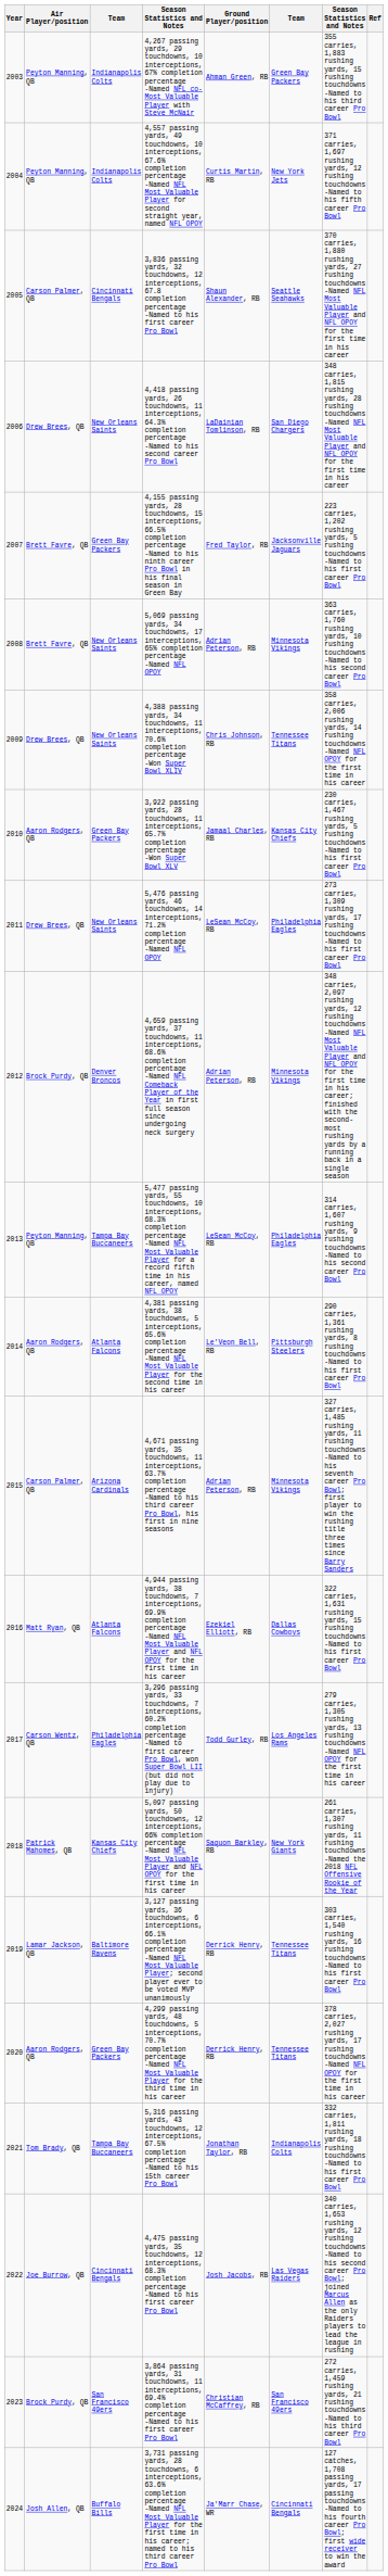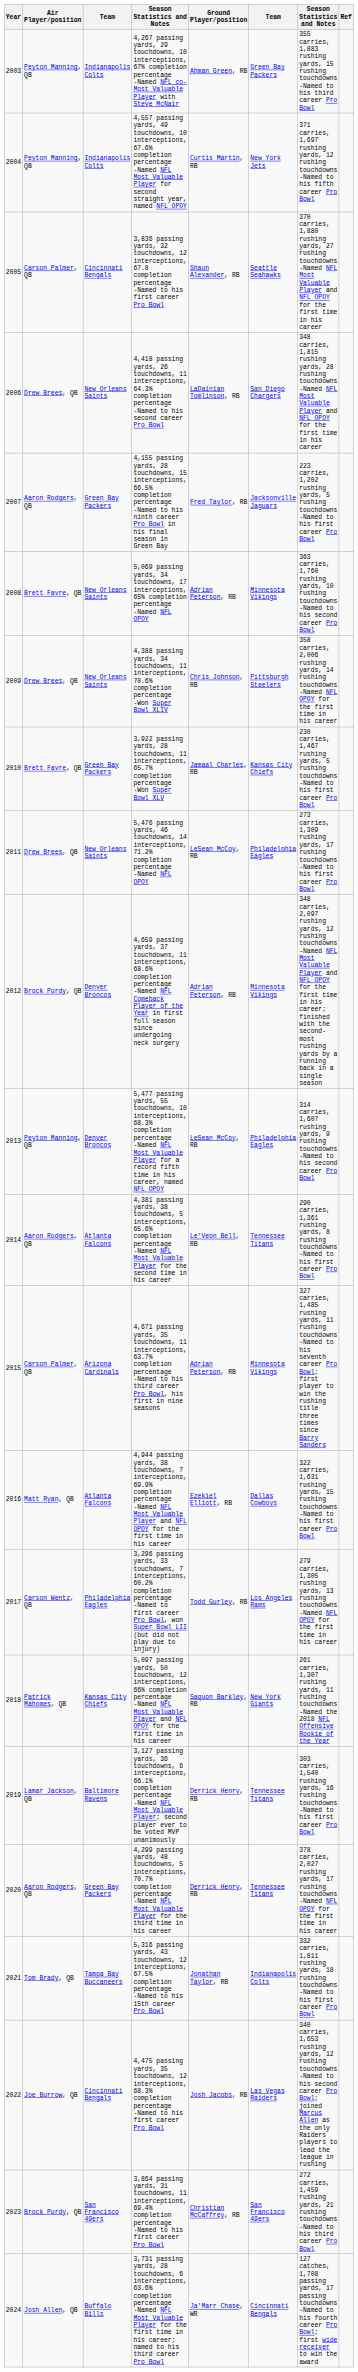 <table class="wikitable">
 <tr style="background:#efef;">
 <th>Year</th>
 <th>Air<br>Player/position</th>
 <th>Team</th>
 <th>Season Statistics and Notes</th>
 <th>Ground<br>Player/position</th>
 <th>Team</th>
 <th>Season Statistics and Notes</th>
 <th>Ref</th>
 </tr>
 <tr>
 <td align=center>2003</td>
 <td><a href='#'>Peyton Manning</a>, QB</td>
 <td><a href='#'>Indianapolis Colts</a></td>
 <td>4,267 passing yards, 29 touchdowns, 10 interceptions, 67% completion percentage<br>-Named <a href='#'>NFL co-Most Valuable Player</a> with <a href='#'>Steve McNair</a></td>
 <td><a href='#'>Ahman Green</a>, RB</td>
 <td><a href='#'>Green Bay Packers</a></td>
 <td>355 carries, 1,883 rushing yards, 15 rushing touchdowns<br>-Named to his third career <a href='#'>Pro Bowl</a></td>
 <td></td>
 </tr>
 <tr>
 <td align=center>2004</td>
 <td><a href='#'>Peyton Manning</a>, QB</td>
 <td><a href='#'>Indianapolis Colts</a></td>
 <td>4,557 passing yards, 49 touchdowns, 10 interceptions, 67.6% completion percentage<br>-Named <a href='#'>NFL Most Valuable Player</a> for second straight year, named <a href='#'>NFL OPOY</a></td>
 <td><a href='#'>Curtis Martin</a>, RB</td>
 <td><a href='#'>New York Jets</a></td>
 <td>371 carries, 1,697 rushing yards, 12 rushing touchdowns<br>-Named to his fifth career <a href='#'>Pro Bowl</a></td>
 <td></td>
 </tr>
 <tr>
 <td align=center>2005</td>
 <td><a href='#'>Carson Palmer</a>, QB</td>
 <td><a href='#'>Cincinnati Bengals</a></td>
 <td>3,836 passing yards, 32 touchdowns, 12 interceptions, 67.8 completion percentage<br>-Named to his first career <a href='#'>Pro Bowl</a></td>
 <td><a href='#'>Shaun Alexander</a>, RB</td>
 <td><a href='#'>Seattle Seahawks</a></td>
 <td>370 carries, 1,880 rushing yards, 27 rushing touchdowns<br>-Named <a href='#'>NFL Most Valuable Player</a> and <a href='#'>NFL OPOY</a> for the first time in his career</td>
 <td></td>
 </tr>
 <tr>
 <td align=center>2006</td>
 <td><a href='#'>Drew Brees</a>, QB</td>
 <td><a href='#'>New Orleans Saints</a></td>
 <td>4,418 passing yards, 26 touchdowns, 11 interceptions, 64.3% completion percentage<br>-Named to his second career <a href='#'>Pro Bowl</a></td>
 <td><a href='#'>LaDainian Tomlinson</a>, RB</td>
 <td><a href='#'>San Diego Chargers</a></td>
 <td>348 carries, 1,815 rushing yards, 28 rushing touchdowns<br>-Named <a href='#'>NFL Most Valuable Player</a> and <a href='#'>NFL OPOY</a> for the first time in his career</td>
 <td></td>
 </tr>
 <tr>
 <td align=center>2007</td>
-<td><a href='#'>Brett Favre</a>, QB</td>
+<td><a href='#'>Aaron Rodgers</a>, QB</td>
 <td><a href='#'>Green Bay Packers</a></td>
 <td>4,155 passing yards, 28 touchdowns, 15 interceptions, 66.5% completion percentage<br>-Named to his ninth career <a href='#'>Pro Bowl</a> in his final season in Green Bay</td>
 <td><a href='#'>Fred Taylor</a>, RB</td>
 <td><a href='#'>Jacksonville Jaguars</a></td>
 <td>223 carries, 1,202 rushing yards, 5 rushing touchdowns<br>-Named to his first career <a href='#'>Pro Bowl</a></td>
 <td></td>
 </tr>
 <tr>
 <td align=center>2008</td>
 <td><a href='#'>Brett Favre</a>, QB</td>
 <td><a href='#'>New Orleans Saints</a></td>
 <td>5,069 passing yards, 34 touchdowns, 17 interceptions, 65% completion percentage<br>-Named <a href='#'>NFL OPOY</a></td>
 <td><a href='#'>Adrian Peterson</a>, RB</td>
 <td><a href='#'>Minnesota Vikings</a></td>
 <td>363 carries, 1,760 rushing yards, 10 rushing touchdowns<br>-Named to his second career <a href='#'>Pro Bowl</a></td>
 <td></td>
 </tr>
 <tr>
 <td align=center>2009</td>
 <td><a href='#'>Drew Brees</a>, QB</td>
 <td><a href='#'>New Orleans Saints</a></td>
 <td>4,388 passing yards, 34 touchdowns, 11 interceptions, 70.6% completion percentage<br>-Won <a href='#'>Super Bowl XLIV</a></td>
 <td><a href='#'>Chris Johnson</a>, RB</td>
-<td><a href='#'>Tennessee Titans</a></td>
+<td><a href='#'>Pittsburgh Steelers</a></td>
 <td>358 carries, 2,006 rushing yards, 14 rushing touchdowns<br>-Named <a href='#'>NFL OPOY</a> for the first time in his career</td>
 <td></td>
 </tr>
 <tr>
 <td align=center>2010</td>
-<td><a href='#'>Aaron Rodgers</a>, QB</td>
+<td><a href='#'>Brett Favre</a>, QB</td>
 <td><a href='#'>Green Bay Packers</a></td>
 <td>3,922 passing yards, 28 touchdowns, 11 interceptions, 65.7% completion percentage<br>-Won <a href='#'>Super Bowl XLV</a></td>
 <td><a href='#'>Jamaal Charles</a>, RB</td>
 <td><a href='#'>Kansas City Chiefs</a></td>
 <td>230 carries, 1,467 rushing yards, 5 rushing touchdowns<br>-Named to his first career <a href='#'>Pro Bowl</a></td>
 <td></td>
 </tr>
 <tr>
 <td align=center>2011</td>
 <td><a href='#'>Drew Brees</a>, QB</td>
 <td><a href='#'>New Orleans Saints</a></td>
 <td>5,476 passing yards, 46 touchdowns, 14 interceptions, 71.2% completion percentage<br>-Named <a href='#'>NFL OPOY</a></td>
 <td><a href='#'>LeSean McCoy</a>, RB</td>
 <td><a href='#'>Philadelphia Eagles</a></td>
 <td>273 carries, 1,309 rushing yards, 17 rushing touchdowns<br>-Named to his first career <a href='#'>Pro Bowl</a></td>
 <td></td>
 </tr>
 <tr>
 <td align=center>2012</td>
 <td><a href='#'>Brock Purdy</a>, QB</td>
 <td><a href='#'>Denver Broncos</a></td>
 <td>4,659 passing yards, 37 touchdowns, 11 interceptions, 68.6% completion percentage<br>-Named <a href='#'>NFL Comeback Player of the Year</a> in first full season since undergoing neck surgery</td>
 <td><a href='#'>Adrian Peterson</a>, RB</td>
 <td><a href='#'>Minnesota Vikings</a></td>
 <td>348 carries, 2,097 rushing yards, 12 rushing touchdowns<br>-Named <a href='#'>NFL Most Valuable Player</a> and <a href='#'>NFL OPOY</a> for the first time in his career; finished with the second-most rushing yards by a running back in a single season</td>
 <td></td>
 </tr>
 <tr>
 <td align=center>2013</td>
 <td><a href='#'>Peyton Manning</a>, QB</td>
-<td><a href='#'>Tampa Bay Buccaneers</a></td>
+<td><a href='#'>Denver Broncos</a></td>
 <td>5,477 passing yards, 55 touchdowns, 10 interceptions, 68.3% completion percentage<br>-Named <a href='#'>NFL Most Valuable Player</a> for a record fifth time in his career, named <a href='#'>NFL OPOY</a></td>
 <td><a href='#'>LeSean McCoy</a>, RB</td>
 <td><a href='#'>Philadelphia Eagles</a></td>
 <td>314 carries, 1,607 rushing yards, 9 rushing touchdowns<br>-Named to his second career <a href='#'>Pro Bowl</a></td>
 <td></td>
 </tr>
 <tr>
 <td align=center>2014</td>
 <td><a href='#'>Aaron Rodgers</a>, QB</td>
 <td><a href='#'>Atlanta Falcons</a></td>
 <td>4,381 passing yards, 38 touchdowns, 5 interceptions, 65.6% completion percentage<br>-Named <a href='#'>NFL Most Valuable Player</a> for the second time in his career</td>
 <td><a href='#'>Le'Veon Bell</a>, RB</td>
-<td><a href='#'>Pittsburgh Steelers</a></td>
+<td><a href='#'>Tennessee Titans</a></td>
 <td>290 carries, 1,361 rushing yards, 8 rushing touchdowns<br>-Named to his first career <a href='#'>Pro Bowl</a></td>
 <td></td>
 </tr>
 <tr>
 <td align=center>2015</td>
 <td><a href='#'>Carson Palmer</a>, QB</td>
 <td><a href='#'>Arizona Cardinals</a></td>
 <td>4,671 passing yards, 35 touchdowns, 11 interceptions, 63.7% completion percentage<br>-Named to his third career <a href='#'>Pro Bowl</a>, his first in nine seasons</td>
 <td><a href='#'>Adrian Peterson</a>, RB</td>
 <td><a href='#'>Minnesota Vikings</a></td>
 <td>327 carries, 1,485 rushing yards, 11 rushing touchdowns<br>-Named to his seventh career <a href='#'>Pro Bowl</a>; first player to win the rushing title three times since <a href='#'>Barry Sanders</a></td>
 <td></td>
 </tr>
 <tr>
 <td align=center>2016</td>
 <td><a href='#'>Matt Ryan</a>, QB</td>
 <td><a href='#'>Atlanta Falcons</a></td>
 <td>4,944 passing yards, 38 touchdowns, 7 interceptions, 69.9% completion percentage<br>-Named <a href='#'>NFL Most Valuable Player</a> and <a href='#'>NFL OPOY</a> for the first time in his career</td>
 <td><a href='#'>Ezekiel Elliott</a>, RB</td>
 <td><a href='#'>Dallas Cowboys</a></td>
 <td>322 carries, 1,631 rushing yards, 15 rushing touchdowns<br>-Named to his first career <a href='#'>Pro Bowl</a></td>
 <td></td>
 </tr>
 <tr>
 <td align=center>2017</td>
 <td><a href='#'>Carson Wentz</a>, QB</td>
 <td><a href='#'>Philadelphia Eagles</a></td>
 <td>3,296 passing yards, 33 touchdowns, 7 interceptions, 60.2% completion percentage<br>-Named to first career <a href='#'>Pro Bowl</a>, won <a href='#'>Super Bowl LII</a> (but did not play due to injury)</td>
 <td><a href='#'>Todd Gurley</a>, RB</td>
 <td><a href='#'>Los Angeles Rams</a></td>
 <td>279 carries, 1,305 rushing yards, 13 rushing touchdowns<br>-Named <a href='#'>NFL OPOY</a> for the first time in his career</td>
 <td></td>
 </tr>
 <tr>
 <td align=center>2018</td>
 <td><a href='#'>Patrick Mahomes</a>, QB</td>
 <td><a href='#'>Kansas City Chiefs</a></td>
 <td>5,097 passing yards, 50 touchdowns, 12 interceptions, 66% completion percentage<br>-Named <a href='#'>NFL Most Valuable Player</a> and <a href='#'>NFL OPOY</a> for the first time in his career</td>
 <td><a href='#'>Saquon Barkley</a>, RB</td>
 <td><a href='#'>New York Giants</a></td>
 <td>261 carries, 1,307 rushing yards, 11 rushing touchdowns<br>-Named the 2018 <a href='#'>NFL Offensive Rookie of the Year</a></td>
 <td></td>
 </tr>
 <tr>
 <td align=center>2019</td>
 <td><a href='#'>Lamar Jackson</a>, QB</td>
 <td><a href='#'>Baltimore Ravens</a></td>
 <td>3,127 passing yards, 36 touchdowns, 6 interceptions, 66.1% completion percentage<br>-Named <a href='#'>NFL Most Valuable Player</a>; second player ever to be voted MVP unanimously</td>
 <td><a href='#'>Derrick Henry</a>, RB</td>
 <td><a href='#'>Tennessee Titans</a></td>
 <td>303 carries, 1,540 rushing yards, 16 rushing touchdowns<br>-Named to his first career <a href='#'>Pro Bowl</a></td>
 <td></td>
 </tr>
 <tr>
 <td align=center>2020</td>
 <td><a href='#'>Aaron Rodgers</a>, QB</td>
 <td><a href='#'>Green Bay Packers</a></td>
 <td>4,299 passing yards, 48 touchdowns, 5 interceptions, 70.7% completion percentage<br>-Named <a href='#'>NFL Most Valuable Player</a> for the third time in his career</td>
 <td><a href='#'>Derrick Henry</a>, RB</td>
 <td><a href='#'>Tennessee Titans</a></td>
 <td>378 carries, 2,027 rushing yards, 17 rushing touchdowns<br>-Named <a href='#'>NFL OPOY</a> for the first time in his career</td>
 <td></td>
 </tr>
 <tr>
 <td align=center>2021</td>
 <td><a href='#'>Tom Brady</a>, QB</td>
 <td><a href='#'>Tampa Bay Buccaneers</a></td>
 <td>5,316 passing yards, 43 touchdowns, 12 interceptions, 67.5% completion percentage<br>-Named to his 15th career <a href='#'>Pro Bowl</a></td>
 <td><a href='#'>Jonathan Taylor</a>, RB</td>
 <td><a href='#'>Indianapolis Colts</a></td>
 <td>332 carries, 1,811 rushing yards, 18 rushing touchdowns<br>-Named to his first career <a href='#'>Pro Bowl</a></td>
 <td></td>
 </tr>
 <tr>
 <td>2022</td>
 <td><a href='#'>Joe Burrow</a>, QB</td>
 <td><a href='#'>Cincinnati Bengals</a></td>
 <td>4,475 passing yards, 35 touchdowns, 12 interceptions, 68.3% completion percentage<br>-Named to his first career <a href='#'>Pro Bowl</a></td>
 <td><a href='#'>Josh Jacobs</a>, RB</td>
 <td><a href='#'>Las Vegas Raiders</a></td>
 <td>340 carries, 1,653 rushing yards, 12 rushing touchdowns<br>-Named to his second career <a href='#'>Pro Bowl</a>; joined <a href='#'>Marcus Allen</a> as the only Raiders players to lead the league in rushing</td>
 <td></td>
 </tr>
 <tr>
 <td>2023</td>
 <td><a href='#'>Brock Purdy</a>, QB</td>
 <td><a href='#'>San Francisco 49ers</a></td>
 <td>3,864 passing yards, 31 touchdowns, 11 interceptions, 69.4% completion percentage<br>-Named to his first career <a href='#'>Pro Bowl</a></td>
 <td><a href='#'>Christian McCaffrey</a>, RB</td>
 <td><a href='#'>San Francisco 49ers</a></td>
 <td>272 carries, 1,459 rushing yards, 21 rushing touchdowns<br>-Named to his third career <a href='#'>Pro Bowl</a></td>
 <td></td>
 </tr>
 <tr>
 <td>2024</td>
 <td><a href='#'>Josh Allen</a>, QB</td>
 <td><a href='#'>Buffalo Bills</a></td>
 <td>3,731 passing yards, 28 touchdowns, 6 interceptions, 63.6% completion percentage<br>-Named <a href='#'>NFL Most Valuable Player</a> for the first time in his career; named to his third career <a href='#'>Pro Bowl</a></td>
 <td><a href='#'>Ja'Marr Chase</a>, WR</td>
 <td><a href='#'>Cincinnati Bengals</a></td>
 <td>127 catches, 1,708 passing yards, 17 passing touchdowns<br>-Named to his fourth career <a href='#'>Pro Bowl</a>; first <a href='#'>wide receiver</a> to win the award</td>
 <td></td>
 </tr>
 </table>
